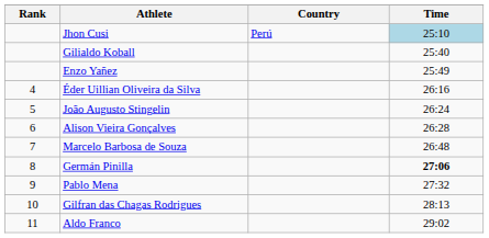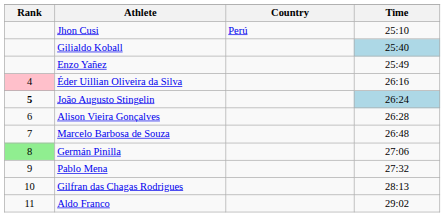 <table class="wikitable sortable" style=" text-align:center; font-size:95%;" width="50%">
 <tr>
 </tr>
 <tr>
 <th width=5%>Rank</th>
 <th width=20%>Athlete</th>
 <th width=15%>Country</th>
 <th width=10%>Time</th>
 </tr>
 <tr>
 <td align=center></td>
 <td align=left><a href='#'>Jhon Cusi</a></td>
 <td align=left> <a href='#'>Perú</a></td>
-<td style="background: lightblue;">25:10</td>
+<td>25:10</td>
 </tr>
 <tr>
 <td align=center></td>
 <td align=left><a href='#'>Gilialdo Koball</a></td>
 <td align=left></td>
-<td>25:40</td>
+<td style="background: lightblue;">25:40</td>
 </tr>
 <tr>
 <td align=center></td>
 <td align=left><a href='#'>Enzo Yañez</a></td>
 <td align=left></td>
 <td>25:49</td>
 </tr>
 <tr>
-<td align=center>4</td>
+<td align=center style="background: pink;">4</td>
 <td align=left><a href='#'>Éder Uillian Oliveira da Silva</a></td>
 <td align=left></td>
 <td>26:16</td>
 </tr>
 <tr>
-<td align=center>5</td>
+<td align=center><strong>5</strong></td>
 <td align=left><a href='#'>João Augusto Stingelin</a></td>
 <td align=left></td>
-<td>26:24</td>
+<td style="background: lightblue;">26:24</td>
 </tr>
 <tr>
 <td align=center>6</td>
 <td align=left><a href='#'>Alison Vieira Gonçalves</a></td>
 <td align=left></td>
 <td>26:28</td>
 </tr>
 <tr>
 <td align=center>7</td>
 <td align=left><a href='#'>Marcelo Barbosa de Souza</a></td>
 <td align=left></td>
 <td>26:48</td>
 </tr>
 <tr>
-<td align=center>8</td>
+<td align=center style="background: lightgreen;">8</td>
 <td align=left><a href='#'>Germán Pinilla</a></td>
 <td align=left></td>
-<td><strong>27:06</strong></td>
+<td>27:06</td>
 </tr>
 <tr>
 <td align=center>9</td>
 <td align=left><a href='#'>Pablo Mena</a></td>
 <td align=left></td>
 <td>27:32</td>
 </tr>
 <tr>
 <td align=center>10</td>
 <td align=left><a href='#'>Gilfran das Chagas Rodrigues</a></td>
 <td align=left></td>
 <td>28:13</td>
 </tr>
 <tr>
 <td align=center>11</td>
 <td align=left><a href='#'>Aldo Franco</a></td>
 <td align=left></td>
 <td>29:02</td>
 </tr>
 </table>
